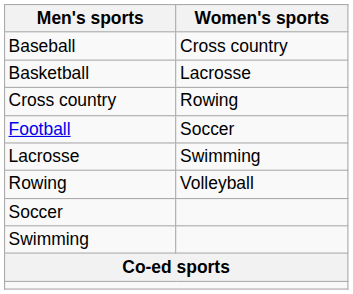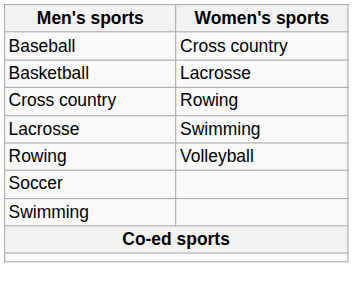 <table class="wikitable"; style=" ">
 <tr>
 <th width=150px>Men's sports</th>
 <th width=150px>Women's sports</th>
 </tr>
 <tr>
 <td>Baseball</td>
 <td>Cross country</td>
 </tr>
 <tr>
 <td>Basketball</td>
 <td>Lacrosse</td>
 </tr>
 <tr>
 <td>Cross country</td>
 <td>Rowing</td>
-</tr>
-<tr>
-<td><a href='#'>Football</a></td>
-<td>Soccer</td>
 </tr>
 <tr>
 <td>Lacrosse</td>
 <td>Swimming</td>
 </tr>
 <tr>
 <td>Rowing</td>
 <td>Volleyball</td>
 </tr>
 <tr>
 <td>Soccer</td>
 <td></td>
 </tr>
 <tr>
 <td>Swimming</td>
 <td></td>
 </tr>
 <tr>
 <th colspan=2>Co-ed sports</th>
 </tr>
 <tr>
 <td colspan=2></td>
 </tr>
 </table>
